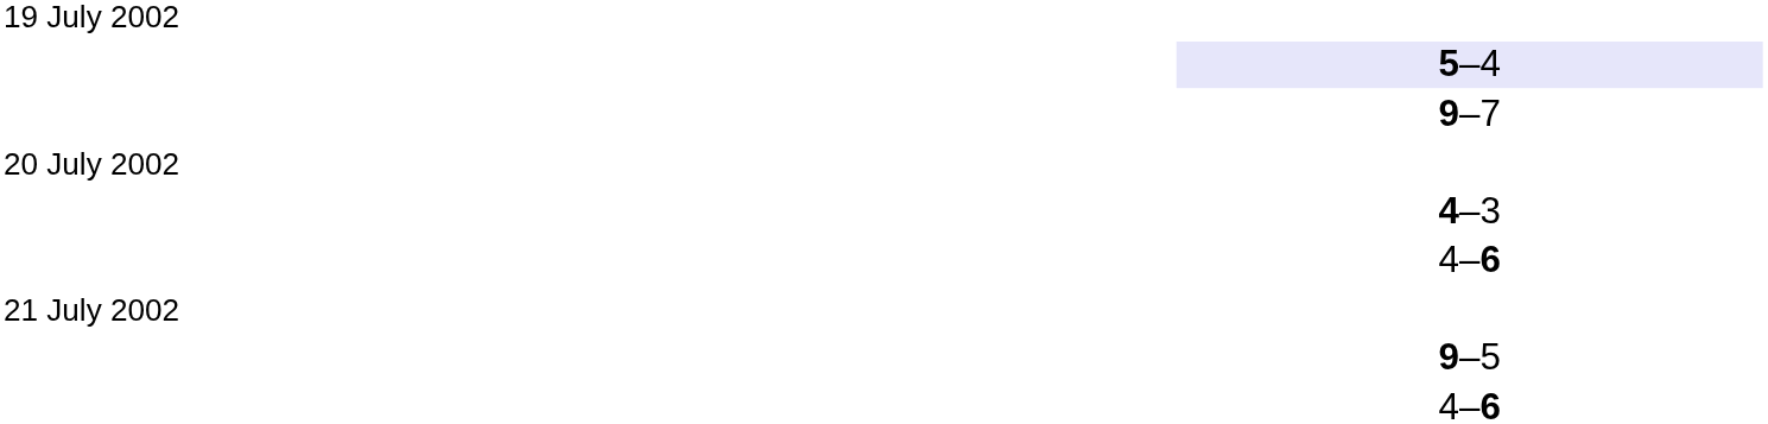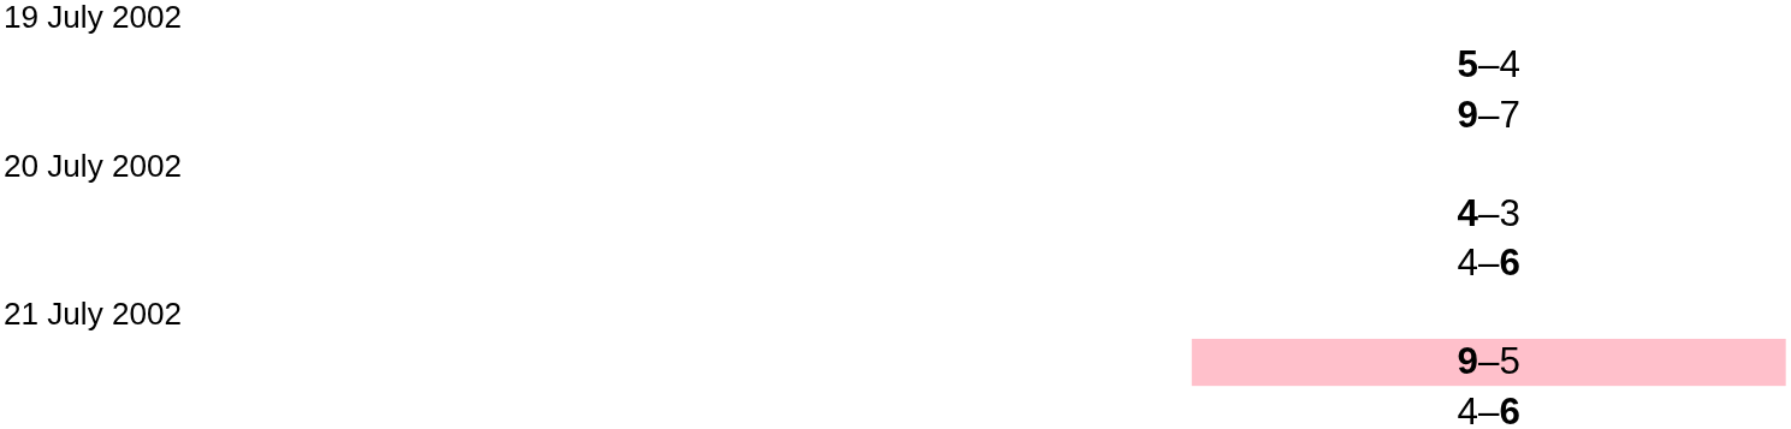 <table width=100% cellspacing=1>
 <tr>
 <th width=40%></th>
 <th width=20%></th>
 <th></th>
 </tr>
 <tr>
 <td><small>19 July 2002</small></td>
 </tr>
 <tr>
 <td align=right><strong></strong></td>
-<td align=center style="background: lavender;"><strong>5</strong>–4 </td>
+<td align=center><strong>5</strong>–4 </td>
 <td></td>
 </tr>
 <tr>
 <td align=right><strong></strong></td>
 <td align=center><strong>9</strong>–7</td>
 <td></td>
 </tr>
 <tr>
 <td><small>20 July 2002</small></td>
 </tr>
 <tr>
 <td align=right><strong></strong></td>
 <td align=center><strong>4</strong>–3 </td>
 <td></td>
 </tr>
 <tr>
 <td align=right></td>
 <td align=center>4–<strong>6</strong></td>
 <td><strong></strong></td>
 </tr>
 <tr>
 <td><small>21 July 2002</small></td>
 </tr>
 <tr>
 <td align=right><strong></strong></td>
-<td align=center><strong>9</strong>–5</td>
+<td align=center style="background: pink;"><strong>9</strong>–5</td>
 <td></td>
 </tr>
 <tr>
 <td align=right></td>
 <td align=center>4–<strong>6</strong></td>
 <td></td>
 </tr>
 </table>
